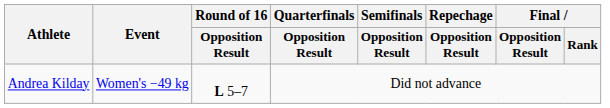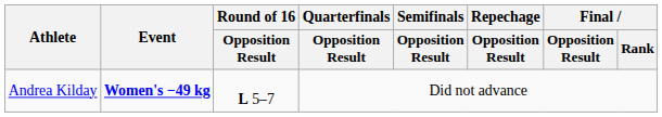 <table class="wikitable" style="font-size:90%;">
 <tr>
 <th rowspan=2>Athlete</th>
 <th rowspan=2>Event</th>
 <th>Round of 16</th>
 <th>Quarterfinals</th>
 <th>Semifinals</th>
 <th>Repechage</th>
 <th colspan=2>Final / </th>
 </tr>
 <tr style="font-size:95%">
 <th>Opposition<br>Result</th>
 <th>Opposition<br>Result</th>
 <th>Opposition<br>Result</th>
 <th>Opposition<br>Result</th>
 <th>Opposition<br>Result</th>
 <th>Rank</th>
 </tr>
 <tr align=center>
 <td align=left><a href='#'>Andrea Kilday</a></td>
-<td align=left><a href='#'>Women's −49 kg</a></td>
+<td align=left><strong><a href='#'>Women's −49 kg</a></strong></td>
 <td><br><strong>L</strong> 5–7</td>
 <td colspan=5>Did not advance</td>
 </tr>
 </table>
